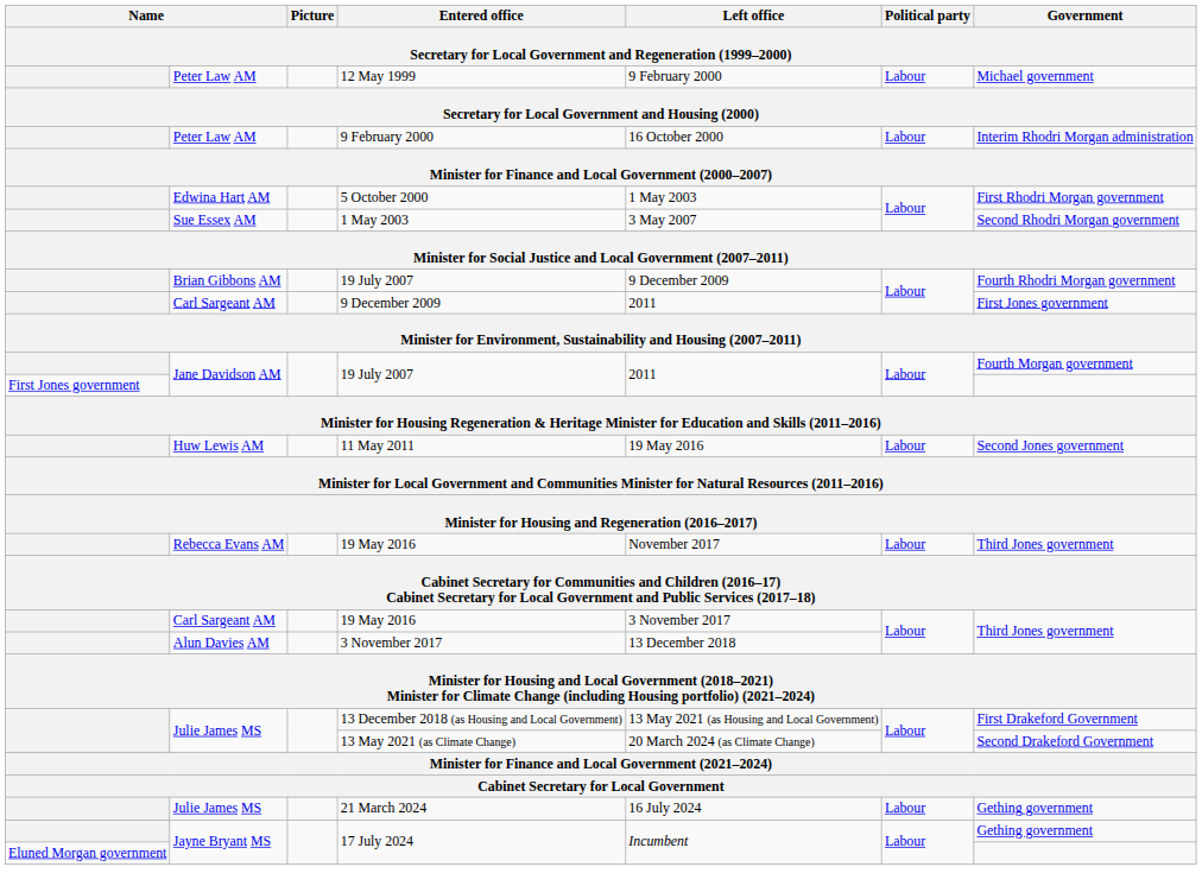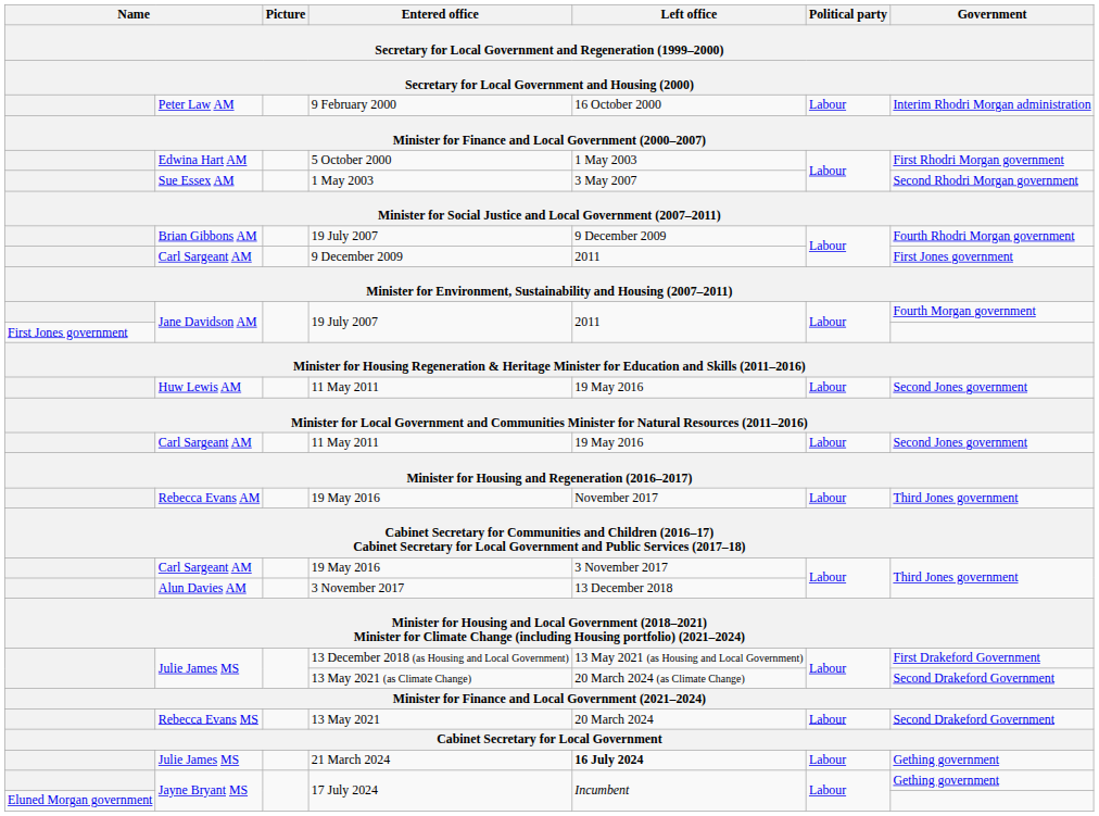 <table class="wikitable">
 <tr>
 <th colspan="2">Name</th>
 <th>Picture</th>
 <th>Entered office</th>
 <th>Left office</th>
 <th>Political party</th>
 <th>Government</th>
 </tr>
 <tr>
 <th colspan="7"><br>Secretary for Local Government and Regeneration (1999–2000)</th>
-</tr>
-<tr>
-<th style="background-color:"></th>
-<td><a href='#'>Peter Law</a> <a href='#'>AM</a></td>
-<td></td>
-<td>12 May 1999</td>
-<td>9 February 2000</td>
-<td><a href='#'>Labour</a></td>
-<td><a href='#'>Michael government</a></td>
 </tr>
 <tr>
 <th colspan="7"><br>Secretary for Local Government and Housing (2000)</th>
 </tr>
 <tr>
 <th style="background-color:"></th>
 <td><a href='#'>Peter Law</a> <a href='#'>AM</a></td>
 <td></td>
 <td>9 February 2000</td>
 <td>16 October 2000</td>
 <td><a href='#'>Labour</a></td>
 <td><a href='#'>Interim Rhodri Morgan administration</a></td>
 </tr>
 <tr>
 <th colspan="7"><br>Minister for Finance and Local Government (2000–2007)</th>
 </tr>
 <tr>
 <th style="background-color:"></th>
 <td><a href='#'>Edwina Hart</a> <a href='#'>AM</a></td>
 <td></td>
 <td>5 October 2000</td>
 <td>1 May 2003</td>
 <td rowspan="2"><a href='#'>Labour</a></td>
 <td><a href='#'>First Rhodri Morgan government</a></td>
 </tr>
 <tr>
 <th style="background-color:"></th>
 <td><a href='#'>Sue Essex</a> <a href='#'>AM</a></td>
 <td></td>
 <td>1 May 2003</td>
 <td>3 May 2007</td>
 <td><a href='#'>Second Rhodri Morgan government</a></td>
 </tr>
 <tr>
 <th colspan="7"><br>Minister for Social Justice and Local Government (2007–2011)</th>
 </tr>
 <tr>
 <th style="background-color:"></th>
 <td><a href='#'>Brian Gibbons</a> <a href='#'>AM</a></td>
 <td></td>
 <td>19 July 2007</td>
 <td>9 December 2009</td>
 <td rowspan="2"><a href='#'>Labour</a></td>
 <td><a href='#'>Fourth Rhodri Morgan government</a></td>
 </tr>
 <tr>
 <th style="background-color:"></th>
 <td><a href='#'>Carl Sargeant</a> <a href='#'>AM</a></td>
 <td></td>
 <td>9 December 2009</td>
 <td>2011</td>
 <td><a href='#'>First Jones government</a></td>
 </tr>
 <tr>
 <th colspan="7"><br>Minister for Environment, Sustainability and Housing (2007–2011)</th>
 </tr>
 <tr>
 <th style="background-color:"></th>
 <td rowspan="2"><a href='#'>Jane Davidson</a> <a href='#'>AM</a></td>
 <td rowspan="2"></td>
 <td rowspan="2">19 July 2007</td>
 <td rowspan="2">2011</td>
 <td rowspan="2"><a href='#'>Labour</a></td>
 <td><a href='#'>Fourth Morgan government</a></td>
 </tr>
 <tr>
 <td><a href='#'>First Jones government</a></td>
 </tr>
 <tr>
 <th colspan="7"><br>Minister for Housing Regeneration & Heritage Minister for Education and Skills (2011–2016)</th>
 </tr>
 <tr>
 <th style="background-color:"></th>
 <td><a href='#'>Huw Lewis</a> <a href='#'>AM</a></td>
 <td></td>
 <td>11 May 2011</td>
 <td>19 May 2016</td>
 <td><a href='#'>Labour</a></td>
 <td><a href='#'>Second Jones government</a></td>
 </tr>
 <tr>
 <th colspan="7"><br>Minister for Local Government and Communities Minister for Natural Resources (2011–2016)</th>
 </tr>
 <tr>
+<th style="background-color:"></th>
+<td><a href='#'>Carl Sargeant</a> <a href='#'>AM</a></td>
+<td></td>
+<td>11 May 2011</td>
+<td>19 May 2016</td>
+<td><a href='#'>Labour</a></td>
+<td><a href='#'>Second Jones government</a></td>
+</tr>
+<tr>
 <th colspan="7"><br>Minister for Housing and Regeneration (2016–2017)</th>
 </tr>
 <tr>
 <th style="background-color:"></th>
 <td><a href='#'>Rebecca Evans</a> <a href='#'>AM</a></td>
 <td></td>
 <td>19 May 2016</td>
 <td>November 2017</td>
 <td><a href='#'>Labour</a></td>
 <td><a href='#'>Third Jones government</a></td>
 </tr>
 <tr>
 <th colspan="7"><br>Cabinet Secretary for Communities and Children (2016–17)<br>Cabinet Secretary for Local Government and Public Services (2017–18)</th>
 </tr>
 <tr>
 <th style="background-color:"></th>
 <td><a href='#'>Carl Sargeant</a> <a href='#'>AM</a></td>
 <td></td>
 <td>19 May 2016</td>
 <td>3 November 2017</td>
 <td rowspan="2"><a href='#'>Labour</a></td>
 <td rowspan="2"><a href='#'>Third Jones government</a></td>
 </tr>
 <tr>
 <th style="background-color:"></th>
 <td><a href='#'>Alun Davies</a> <a href='#'>AM</a></td>
 <td></td>
 <td>3 November 2017</td>
 <td>13 December 2018</td>
 </tr>
 <tr>
 <th colspan="7"><br>Minister for Housing and Local Government (2018–2021)<br>Minister for Climate Change (including Housing portfolio) (2021–2024)</th>
 </tr>
 <tr>
 <th rowspan="2" style="background-color:"></th>
 <td rowspan="2"><a href='#'>Julie James</a> <a href='#'>MS</a></td>
 <td rowspan="2"></td>
 <td>13 December 2018 <small>(as Housing and Local Government)</small></td>
 <td>13 May 2021 <small>(as Housing and Local Government)</small></td>
 <td rowspan="2"><a href='#'>Labour</a></td>
 <td><a href='#'>First Drakeford Government</a></td>
 </tr>
 <tr>
 <td>13 May 2021 <small>(as Climate Change)</small></td>
 <td>20 March 2024 <small>(as Climate Change)</small></td>
 <td><a href='#'>Second Drakeford Government</a></td>
 </tr>
 <tr>
 <th colspan="7">Minister for Finance and Local Government (2021–2024)</th>
 </tr>
 <tr>
+<th style="background-color:"></th>
+<td><a href='#'>Rebecca Evans</a> <a href='#'>MS</a></td>
+<td></td>
+<td>13 May 2021</td>
+<td>20 March 2024</td>
+<td><a href='#'>Labour</a></td>
+<td><a href='#'>Second Drakeford Government</a></td>
+</tr>
+<tr>
 <th colspan="7">Cabinet Secretary for Local Government</th>
 </tr>
 <tr>
 <th style="background-color:"></th>
 <td><a href='#'>Julie James</a> <a href='#'>MS</a></td>
 <td></td>
 <td>21 March 2024</td>
-<td>16 July 2024 </td>
+<td><strong>16 July 2024 </strong></td>
 <td><a href='#'>Labour</a></td>
 <td><a href='#'>Gething government</a></td>
 </tr>
 <tr>
 <th style="background-color:"></th>
 <td rowspan="2"><a href='#'>Jayne Bryant</a> <a href='#'>MS</a></td>
 <td rowspan="2"></td>
 <td rowspan="2">17 July 2024</td>
 <td rowspan="2"><em>Incumbent</em></td>
 <td rowspan="2"><a href='#'>Labour</a></td>
 <td><a href='#'>Gething government</a></td>
 </tr>
 <tr>
 <td><a href='#'>Eluned Morgan government</a></td>
 </tr>
 </table>
